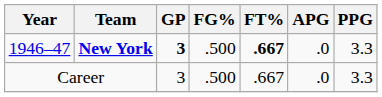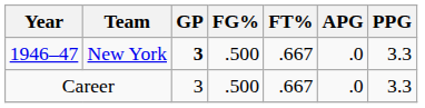 <table class="wikitable sortable" style="font-size:95%; text-align:right;">
 <tr>
 <th>Year</th>
 <th>Team</th>
 <th>GP</th>
 <th>FG%</th>
 <th>FT%</th>
 <th>APG</th>
 <th>PPG</th>
 </tr>
 <tr>
 <td style="text-align:left;"><a href='#'>1946–47</a></td>
-<td style="text-align:left;"><strong><a href='#'>New York</a></strong></td>
+<td style="text-align:left;"><a href='#'>New York</a></td>
 <td><strong>3</strong></td>
 <td>.500</td>
-<td><strong>.667</strong></td>
+<td>.667</td>
 <td>.0</td>
 <td>3.3</td>
 </tr>
 <tr>
 <td style="text-align:center;" colspan="2">Career</td>
 <td>3</td>
 <td>.500</td>
 <td>.667</td>
 <td>.0</td>
 <td>3.3</td>
 </tr>
 <tr>
 </tr>
 </table>
